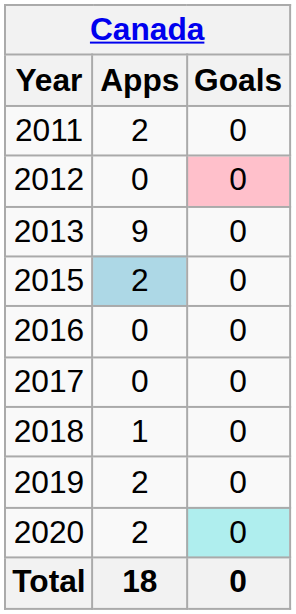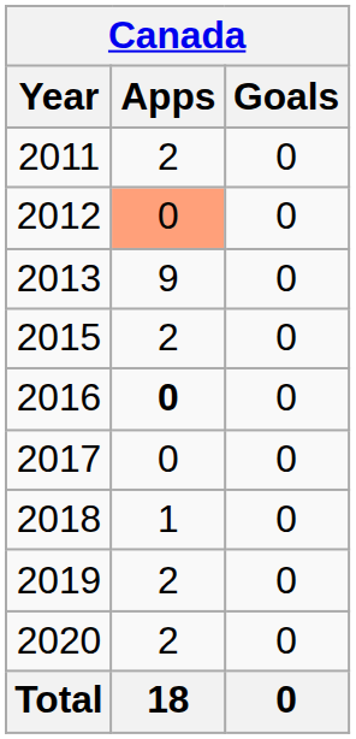 <table class="wikitable" style="text-align:center">
 <tr>
 <th colspan=3><a href='#'>Canada</a></th>
 </tr>
 <tr>
 <th>Year</th>
 <th>Apps</th>
 <th>Goals</th>
 </tr>
 <tr>
 <td>2011</td>
 <td>2</td>
 <td>0</td>
 </tr>
 <tr>
 <td>2012</td>
+<td style="background: lightsalmon;">0</td>
 <td>0</td>
-<td style="background: pink;">0</td>
 </tr>
 <tr>
 <td>2013</td>
 <td>9</td>
 <td>0</td>
 </tr>
 <tr>
 <td>2015</td>
-<td style="background: lightblue;">2</td>
+<td>2</td>
 <td>0</td>
 </tr>
 <tr>
 <td>2016</td>
-<td>0</td>
+<td><strong>0</strong></td>
 <td>0</td>
 </tr>
 <tr>
 <td>2017</td>
 <td>0</td>
 <td>0</td>
 </tr>
 <tr>
 <td>2018</td>
 <td>1</td>
 <td>0</td>
 </tr>
 <tr>
 <td>2019</td>
 <td>2</td>
 <td>0</td>
 </tr>
 <tr>
 <td>2020</td>
 <td>2</td>
-<td style="background: paleturquoise;">0</td>
+<td>0</td>
 </tr>
 <tr>
 <th>Total</th>
 <th>18</th>
 <th>0</th>
 </tr>
 </table>
